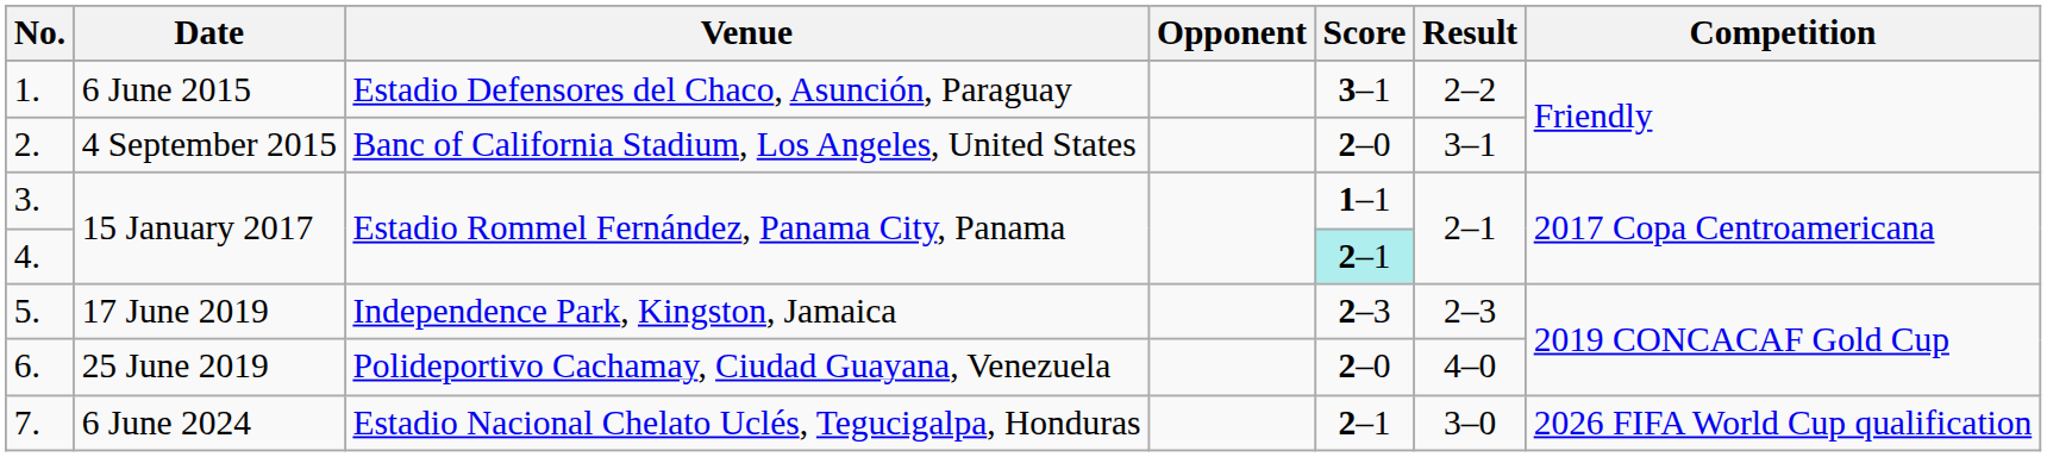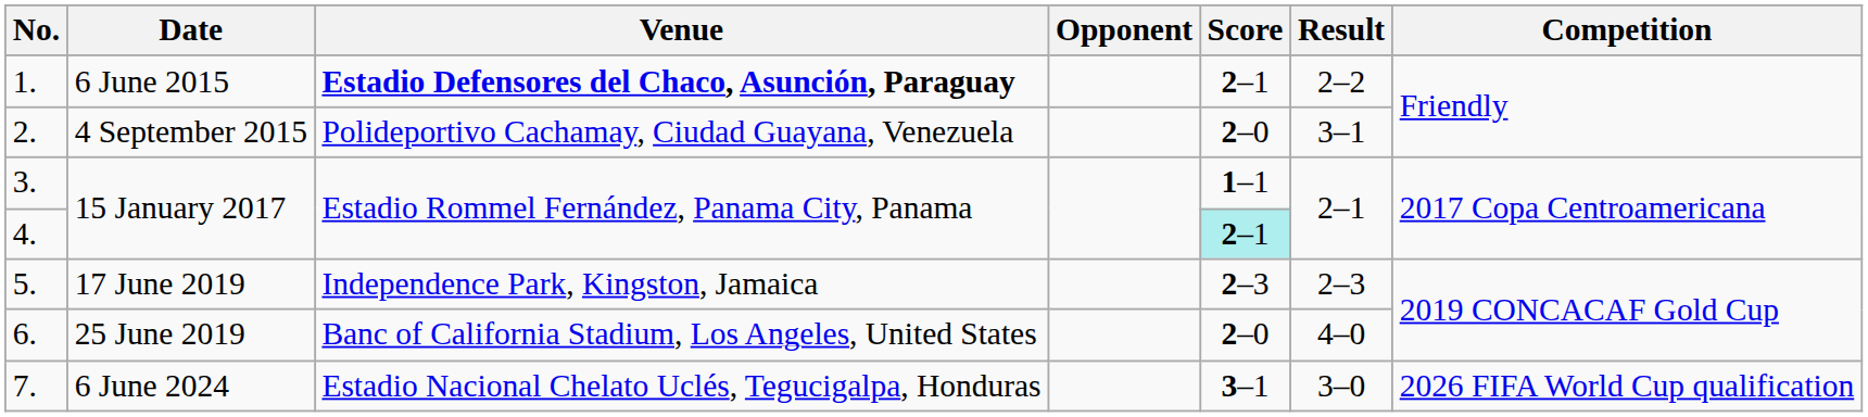 <table class="wikitable plainrowheaders sortable">
 <tr>
 <th>No.</th>
 <th>Date</th>
 <th>Venue</th>
 <th>Opponent</th>
 <th>Score</th>
 <th>Result</th>
 <th>Competition</th>
 </tr>
 <tr>
 <td>1.</td>
 <td>6 June 2015</td>
-<td><a href='#'>Estadio Defensores del Chaco</a>, <a href='#'>Asunción</a>, Paraguay</td>
+<td><strong><a href='#'>Estadio Defensores del Chaco</a>, <a href='#'>Asunción</a>, Paraguay</strong></td>
 <td></td>
-<td align=center><strong>3</strong>–1</td>
+<td align=center><strong>2</strong>–1</td>
 <td align=center>2–2</td>
 <td rowspan="2"><a href='#'>Friendly</a></td>
 </tr>
 <tr>
 <td>2.</td>
 <td>4 September 2015</td>
-<td><a href='#'>Banc of California Stadium</a>, <a href='#'>Los Angeles</a>, United States</td>
+<td><a href='#'>Polideportivo Cachamay</a>, <a href='#'>Ciudad Guayana</a>, Venezuela</td>
 <td></td>
 <td align=center><strong>2</strong>–0</td>
 <td align=center>3–1</td>
 </tr>
 <tr>
 <td>3.</td>
 <td rowspan="2">15 January 2017</td>
 <td rowspan="2"><a href='#'>Estadio Rommel Fernández</a>, <a href='#'>Panama City</a>, Panama</td>
 <td rowspan="2"></td>
 <td align=center><strong>1</strong>–1</td>
 <td rowspan="2" style="text-align:center">2–1</td>
 <td rowspan="2"><a href='#'>2017 Copa Centroamericana</a></td>
 </tr>
 <tr>
 <td>4.</td>
 <td align=center style="background: paleturquoise;"><strong>2</strong>–1</td>
 </tr>
 <tr>
 <td>5.</td>
 <td>17 June 2019</td>
 <td><a href='#'>Independence Park</a>, <a href='#'>Kingston</a>, Jamaica</td>
 <td></td>
 <td align=center><strong>2</strong>–3</td>
 <td align=center>2–3</td>
 <td rowspan="2"><a href='#'>2019 CONCACAF Gold Cup</a></td>
 </tr>
 <tr>
 <td>6.</td>
 <td>25 June 2019</td>
-<td><a href='#'>Polideportivo Cachamay</a>, <a href='#'>Ciudad Guayana</a>, Venezuela</td>
+<td><a href='#'>Banc of California Stadium</a>, <a href='#'>Los Angeles</a>, United States</td>
 <td></td>
 <td align=center><strong>2</strong>–0</td>
 <td align=center>4–0</td>
 </tr>
 <tr>
 <td>7.</td>
 <td>6 June 2024</td>
 <td><a href='#'>Estadio Nacional Chelato Uclés</a>, <a href='#'>Tegucigalpa</a>, Honduras</td>
 <td></td>
-<td align=center><strong>2</strong>–1</td>
+<td align=center><strong>3</strong>–1</td>
 <td align=center>3–0</td>
 <td><a href='#'>2026 FIFA World Cup qualification</a></td>
 </tr>
 </table>
